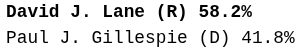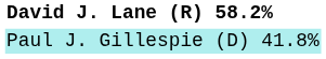 <table>
 <tr>
 <td><strong>David J. Lane (R) 58.2%</strong></td>
 </tr>
 <tr>
-<td>Paul J. Gillespie (D) 41.8%</td>
+<td style="background: paleturquoise;">Paul J. Gillespie (D) 41.8%</td>
 </tr>
 </table>
